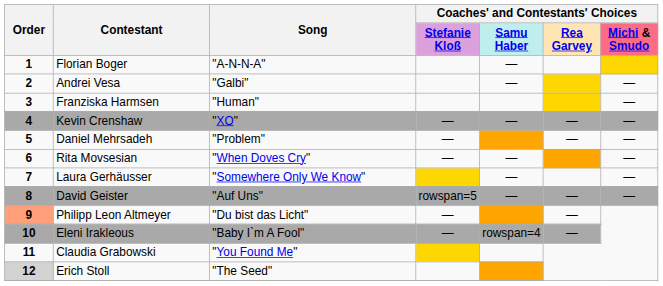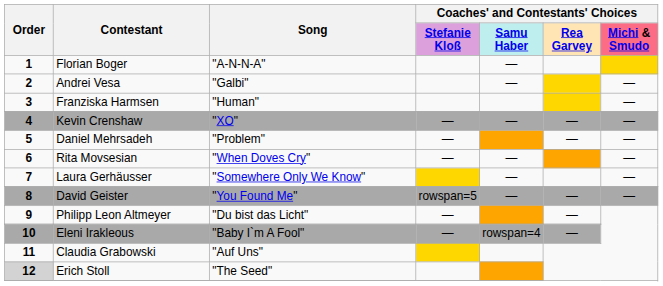 <table class="wikitable" style="width:100%;">
 <tr>
 <th rowspan=2>Order</th>
 <th rowspan=2>Contestant</th>
 <th rowspan=2>Song</th>
 <th colspan=4>Coaches' and Contestants' Choices</th>
 </tr>
 <tr>
 <th style="background-color:#dca0dc" width="70"><a href='#'>Stefanie Kloß</a></th>
 <th style="background-color:#bfeeee" width="70"><a href='#'>Samu Haber</a></th>
 <th style="background-color:#ffe5b4" width="70"><a href='#'>Rea Garvey</a></th>
 <th style="background-color:#FC6C85" width="70"><a href='#'>Michi</a> & <a href='#'>Smudo</a></th>
 </tr>
 <tr>
 <td align="center"><strong>1</strong></td>
 <td>Florian Boger</td>
 <td>"A-N-N-A"</td>
 <td style=";text-align:center;"></td>
 <td align="center">—</td>
 <td style=";text-align:center;"></td>
 <td style="background:gold;text-align:center;"></td>
 </tr>
 <tr>
 <td align="center"><strong>2</strong></td>
 <td>Andrei Vesa</td>
 <td>"Galbi"</td>
 <td style=";text-align:center;"></td>
 <td align="center">—</td>
 <td style="background:gold;text-align:center;"></td>
 <td align="center">—</td>
 </tr>
 <tr>
 <td align="center"><strong>3</strong></td>
 <td>Franziska Harmsen</td>
 <td>"Human"</td>
 <td style=";text-align:center;"></td>
 <td style=";text-align:center;"></td>
 <td style="background:gold;text-align:center;"></td>
 <td align="center">—</td>
 </tr>
 <tr>
 </tr>
 <tr bgcolor=darkgrey>
 <td align="center"><strong>4</strong></td>
 <td>Kevin Crenshaw</td>
 <td>"<a href='#'>XO</a>"</td>
 <td align="center">—</td>
 <td align="center">—</td>
 <td align="center">—</td>
 <td align="center">—</td>
 </tr>
 <tr>
 <td align="center"><strong>5</strong></td>
 <td>Daniel Mehrsadeh</td>
 <td>"Problem"</td>
 <td align="center">—</td>
 <td style="background:orange;text-align:center;"></td>
 <td align="center">—</td>
 <td align="center">—</td>
 </tr>
 <tr>
 <td align="center"><strong>6</strong></td>
 <td>Rita Movsesian</td>
 <td>"<a href='#'>When Doves Cry</a>"</td>
 <td align="center">—</td>
 <td align="center">—</td>
 <td style="background:orange;text-align:center;"></td>
 <td align="center">—</td>
 </tr>
 <tr>
 <td align="center"><strong>7</strong></td>
 <td>Laura Gerhäusser</td>
 <td>"<a href='#'>Somewhere Only We Know</a>"</td>
 <td style="background:gold;text-align:center;"></td>
 <td align="center">—</td>
 <td style=";text-align:center;"></td>
 <td align="center">—</td>
 </tr>
 <tr>
 </tr>
 <tr bgcolor=darkgrey>
 <td align="center"><strong>8</strong></td>
 <td>David Geister</td>
-<td>"Auf Uns"</td>
+<td>"<a href='#'>You Found Me</a>"</td>
 <td>rowspan=5 </td>
 <td align="center">—</td>
 <td align="center">—</td>
 <td align="center">—</td>
 </tr>
 <tr>
-<td align="center" style="background: lightsalmon;"><strong>9</strong></td>
+<td align="center"><strong>9</strong></td>
 <td>Philipp Leon Altmeyer</td>
 <td>"Du bist das Licht"</td>
 <td align="center">—</td>
 <td style="background:orange;text-align:center;"></td>
 <td align="center">—</td>
 </tr>
 <tr>
 </tr>
 <tr bgcolor=darkgrey>
 <td align="center"><strong>10</strong></td>
 <td>Eleni Irakleous</td>
 <td>"Baby I`m A Fool"</td>
 <td align="center">—</td>
 <td>rowspan=4 </td>
 <td align="center">—</td>
 </tr>
 <tr>
 <td align="center"><strong>11</strong></td>
 <td>Claudia Grabowski</td>
-<td>"<a href='#'>You Found Me</a>"</td>
+<td>"Auf Uns"</td>
 <td style="background:gold;text-align:center;"></td>
 <td style=";text-align:center;"></td>
 </tr>
 <tr>
 <td align="center" style="background: lightgrey;"><strong>12</strong></td>
 <td>Erich Stoll</td>
 <td>"The Seed"</td>
 <td></td>
 <td style="background:orange;text-align:center;"></td>
 </tr>
 <tr>
 </tr>
 </table>
